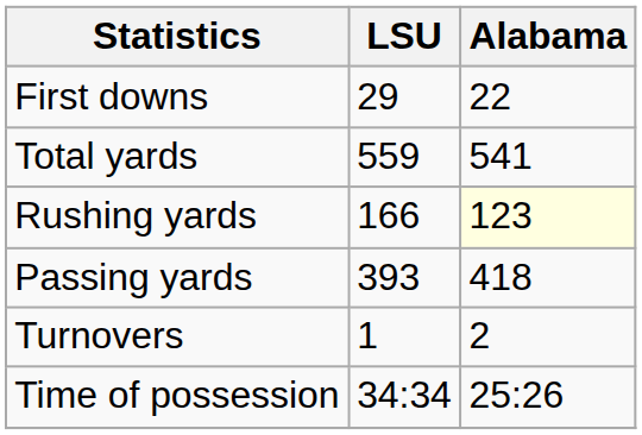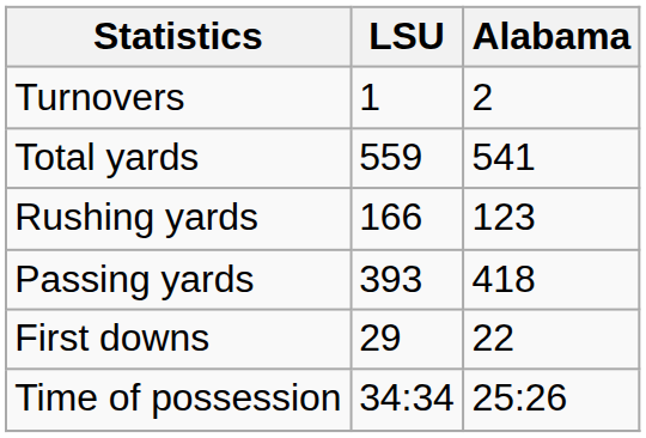 <table class="wikitable" style="float: left;">
 <tr>
 <th>Statistics</th>
 <th>LSU</th>
 <th>Alabama</th>
 </tr>
 <tr>
-<td>First downs</td>
-<td>29</td>
-<td>22</td>
+<td>Turnovers</td>
+<td>1</td>
+<td>2</td>
 </tr>
 <tr>
 <td>Total yards</td>
 <td>559</td>
 <td>541</td>
 </tr>
 <tr>
 <td>Rushing yards</td>
 <td>166</td>
-<td style="background: lightyellow;">123</td>
+<td>123</td>
 </tr>
 <tr>
 <td>Passing yards</td>
 <td>393</td>
 <td>418</td>
 </tr>
 <tr>
-<td>Turnovers</td>
-<td>1</td>
-<td>2</td>
+<td>First downs</td>
+<td>29</td>
+<td>22</td>
 </tr>
 <tr>
 <td>Time of possession</td>
 <td>34:34</td>
 <td>25:26</td>
 </tr>
 <tr>
 </tr>
 </table>
